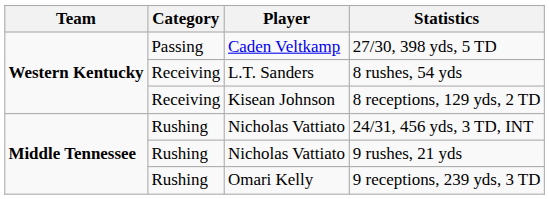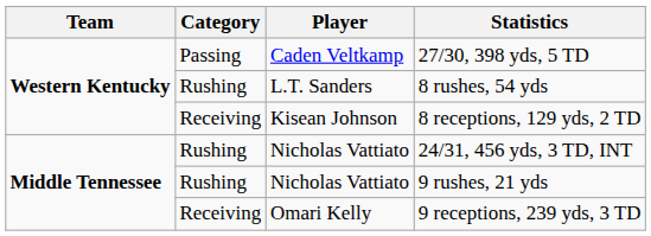 <table class="wikitable" style="float: right;">
 <tr>
 <th>Team</th>
 <th>Category</th>
 <th>Player</th>
 <th>Statistics</th>
 </tr>
 <tr>
 <td rowspan=3><strong>Western Kentucky</strong></td>
 <td>Passing</td>
 <td><a href='#'>Caden Veltkamp</a></td>
 <td>27/30, 398 yds, 5 TD</td>
 </tr>
 <tr>
-<td>Receiving</td>
+<td>Rushing</td>
 <td>L.T. Sanders</td>
 <td>8 rushes, 54 yds</td>
 </tr>
 <tr>
 <td>Receiving</td>
 <td>Kisean Johnson</td>
 <td>8 receptions, 129 yds, 2 TD</td>
 </tr>
 <tr>
 <td rowspan=3><strong>Middle Tennessee</strong></td>
 <td>Rushing</td>
 <td>Nicholas Vattiato</td>
 <td>24/31, 456 yds, 3 TD, INT</td>
 </tr>
 <tr>
 <td>Rushing</td>
 <td>Nicholas Vattiato</td>
 <td>9 rushes, 21 yds</td>
 </tr>
 <tr>
-<td>Rushing</td>
+<td>Receiving</td>
 <td>Omari Kelly</td>
 <td>9 receptions, 239 yds, 3 TD</td>
 </tr>
 </table>
